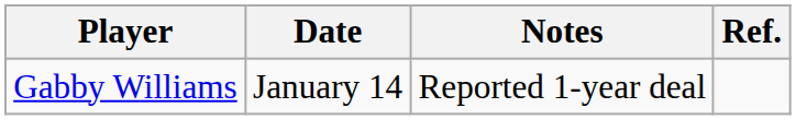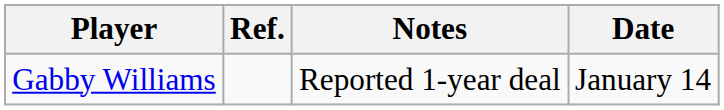 <table class="wikitable sortable sortable" style="text-align: center">
 <tr>
 <th>Player</th>
+<th>Ref.</th>
+<th>Notes</th>
 <th>Date</th>
-<th>Notes</th>
-<th>Ref.</th>
 </tr>
 <tr>
 <td><a href='#'>Gabby Williams</a></td>
+<td></td>
+<td>Reported 1-year deal</td>
 <td>January 14</td>
-<td>Reported 1-year deal</td>
-<td></td>
 </tr>
 </table>
